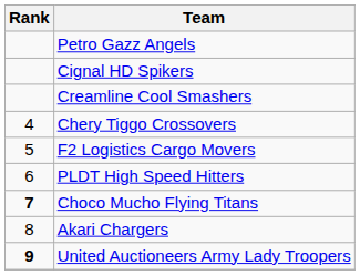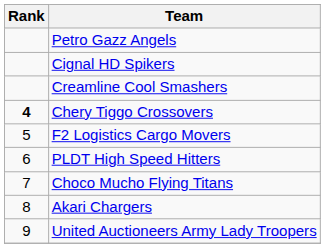 <table class="wikitable" style="text-align: center;">
 <tr>
 <th>Rank</th>
 <th>Team</th>
 </tr>
 <tr>
 <td></td>
 <td align="left"><a href='#'>Petro Gazz Angels</a></td>
 </tr>
 <tr>
 <td></td>
 <td align="left"><a href='#'>Cignal HD Spikers</a></td>
 </tr>
 <tr>
 <td></td>
 <td align="left"><a href='#'>Creamline Cool Smashers</a></td>
 </tr>
 <tr>
-<td>4</td>
+<td><strong>4</strong></td>
 <td align="left"><a href='#'>Chery Tiggo Crossovers</a></td>
 </tr>
 <tr>
 <td>5</td>
 <td align="left"><a href='#'>F2 Logistics Cargo Movers</a></td>
 </tr>
 <tr>
 <td>6</td>
 <td align="left"><a href='#'>PLDT High Speed Hitters</a></td>
 </tr>
 <tr>
-<td><strong>7</strong></td>
+<td>7</td>
 <td align="left"><a href='#'>Choco Mucho Flying Titans</a></td>
 </tr>
 <tr>
 <td>8</td>
 <td align="left"><a href='#'>Akari Chargers</a></td>
 </tr>
 <tr>
-<td><strong>9</strong></td>
+<td>9</td>
 <td align="left"><a href='#'>United Auctioneers Army Lady Troopers</a></td>
 </tr>
 <tr>
 </tr>
 </table>
